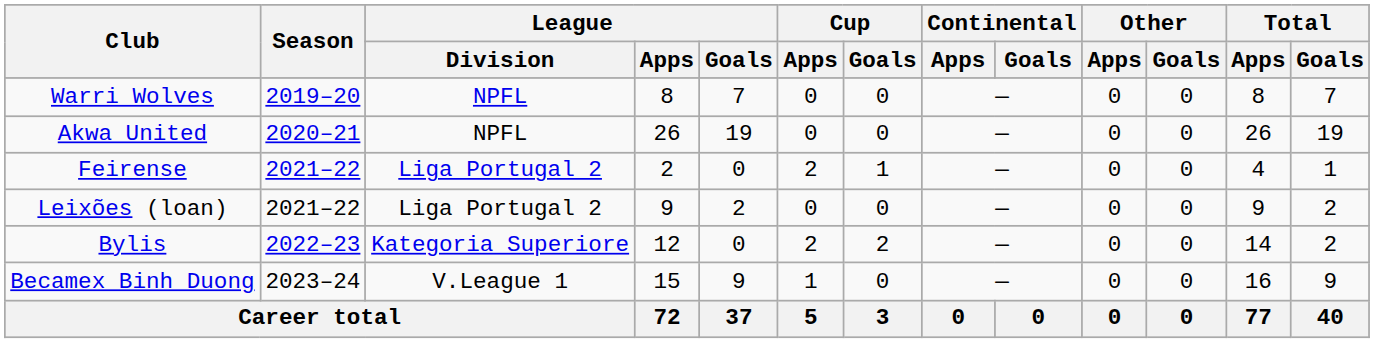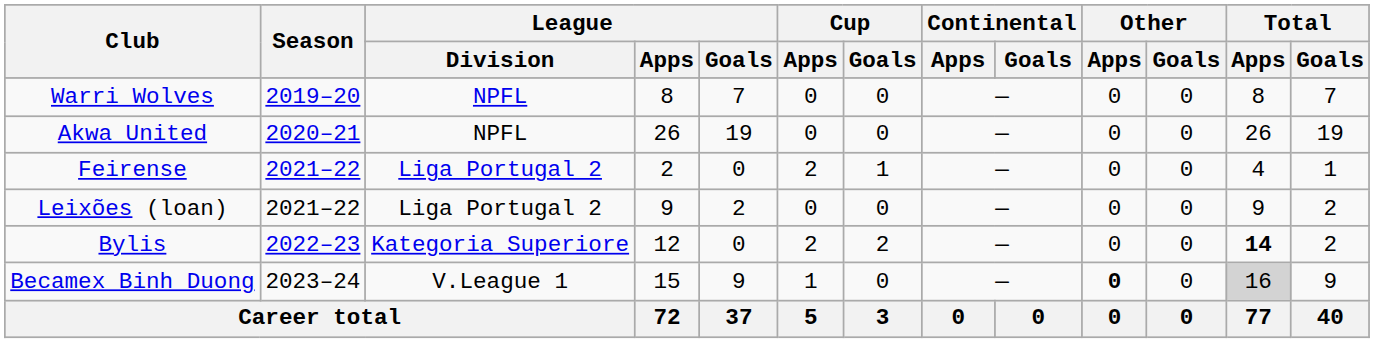 <table class="wikitable" style="text-align: center">
 <tr>
 <th rowspan="2">Club</th>
 <th rowspan="2">Season</th>
 <th colspan="3">League</th>
 <th colspan="2">Cup</th>
 <th colspan="2">Continental</th>
 <th colspan="2">Other</th>
 <th colspan="2">Total</th>
 </tr>
 <tr>
 <th>Division</th>
 <th>Apps</th>
 <th>Goals</th>
 <th>Apps</th>
 <th>Goals</th>
 <th>Apps</th>
 <th>Goals</th>
 <th>Apps</th>
 <th>Goals</th>
 <th>Apps</th>
 <th>Goals</th>
 </tr>
 <tr>
 <td><a href='#'>Warri Wolves</a></td>
 <td><a href='#'>2019–20</a></td>
 <td><a href='#'>NPFL</a></td>
 <td>8</td>
 <td>7</td>
 <td>0</td>
 <td>0</td>
 <td colspan="2">—</td>
 <td>0</td>
 <td>0</td>
 <td>8</td>
 <td>7</td>
 </tr>
 <tr>
 <td><a href='#'>Akwa United</a></td>
 <td><a href='#'>2020–21</a></td>
 <td>NPFL</td>
 <td>26</td>
 <td>19</td>
 <td>0</td>
 <td>0</td>
 <td colspan="2">—</td>
 <td>0</td>
 <td>0</td>
 <td>26</td>
 <td>19</td>
 </tr>
 <tr>
 <td><a href='#'>Feirense</a></td>
 <td><a href='#'>2021–22</a></td>
 <td><a href='#'>Liga Portugal 2</a></td>
 <td>2</td>
 <td>0</td>
 <td>2</td>
 <td>1</td>
 <td colspan="2">—</td>
 <td>0</td>
 <td>0</td>
 <td>4</td>
 <td>1</td>
 </tr>
 <tr>
 <td><a href='#'>Leixões</a> (loan)</td>
 <td>2021–22</td>
 <td>Liga Portugal 2</td>
 <td>9</td>
 <td>2</td>
 <td>0</td>
 <td>0</td>
 <td colspan="2">—</td>
 <td>0</td>
 <td>0</td>
 <td>9</td>
 <td>2</td>
 </tr>
 <tr>
 <td><a href='#'>Bylis</a></td>
 <td><a href='#'>2022–23</a></td>
 <td><a href='#'>Kategoria Superiore</a></td>
 <td>12</td>
 <td>0</td>
 <td>2</td>
 <td>2</td>
 <td colspan="2">—</td>
 <td>0</td>
 <td>0</td>
-<td>14</td>
+<td><strong>14</strong></td>
 <td>2</td>
 </tr>
 <tr>
 <td><a href='#'>Becamex Binh Duong</a></td>
 <td>2023–24</td>
 <td>V.League 1</td>
 <td>15</td>
 <td>9</td>
 <td>1</td>
 <td>0</td>
 <td colspan="2">—</td>
+<td><strong>0</strong></td>
 <td>0</td>
-<td>0</td>
-<td>16</td>
+<td style="background: lightgrey;">16</td>
 <td>9</td>
 </tr>
 <tr>
 <th colspan="3">Career total</th>
 <th>72</th>
 <th>37</th>
 <th>5</th>
 <th>3</th>
 <th>0</th>
 <th>0</th>
 <th>0</th>
 <th>0</th>
 <th>77</th>
 <th>40</th>
 </tr>
 </table>
